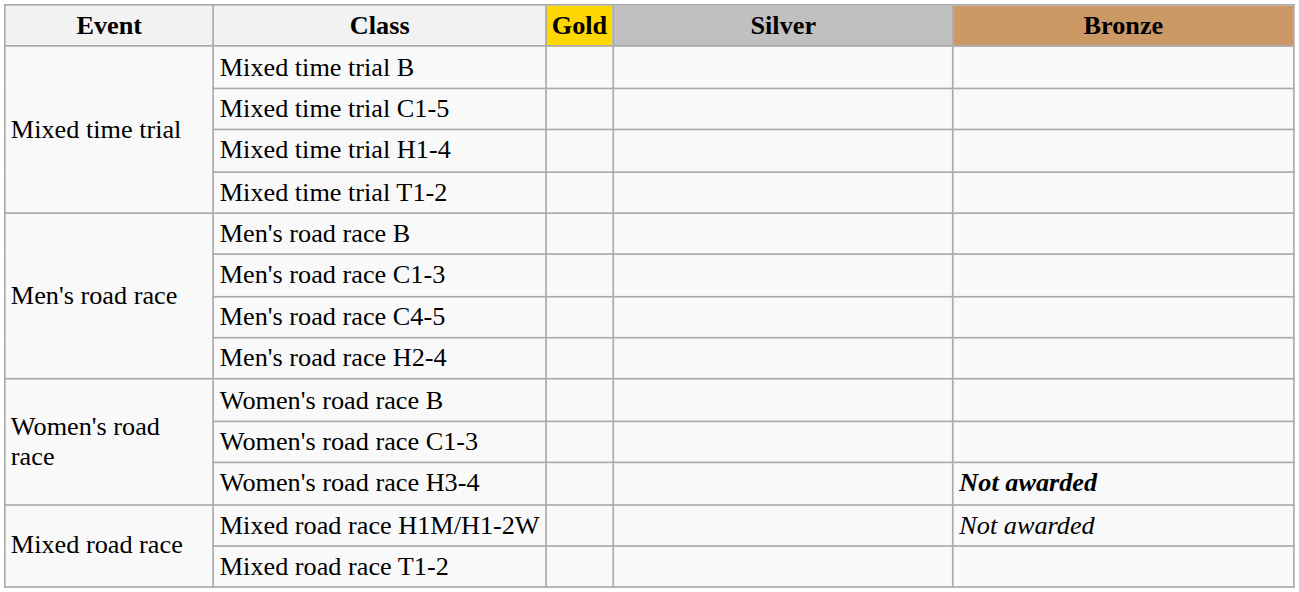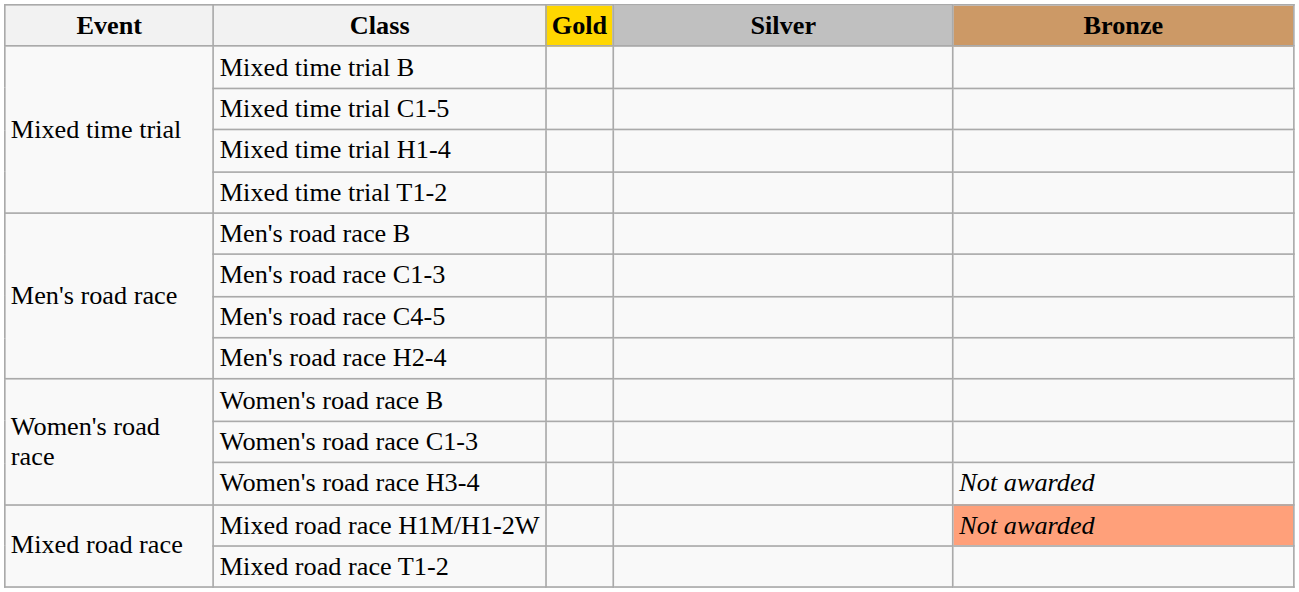 <table class=wikitable>
 <tr>
 <th width=120>Event</th>
 <th>Class</th>
 <th style="background:gold;">Gold</th>
 <th width=200 style="background:silver;">Silver</th>
 <th width=200 style="background:#CC9966;">Bronze</th>
 </tr>
 <tr>
 <td rowspan=4>Mixed time trial<br></td>
 <td>Mixed time trial B</td>
 <td></td>
 <td></td>
 <td></td>
 </tr>
 <tr>
 <td>Mixed time trial C1-5</td>
 <td></td>
 <td></td>
 <td></td>
 </tr>
 <tr>
 <td>Mixed time trial H1-4</td>
 <td></td>
 <td></td>
 <td></td>
 </tr>
 <tr>
 <td>Mixed time trial T1-2</td>
 <td></td>
 <td></td>
 <td></td>
 </tr>
 <tr>
 <td rowspan=4>Men's road race<br></td>
 <td>Men's road race B</td>
 <td></td>
 <td></td>
 <td></td>
 </tr>
 <tr>
 <td>Men's road race C1-3</td>
 <td></td>
 <td></td>
 <td></td>
 </tr>
 <tr>
 <td>Men's road race C4-5</td>
 <td></td>
 <td></td>
 <td></td>
 </tr>
 <tr>
 <td>Men's road race H2-4</td>
 <td></td>
 <td></td>
 <td></td>
 </tr>
 <tr>
 <td rowspan=3>Women's road race<br></td>
 <td>Women's road race B</td>
 <td></td>
 <td></td>
 <td></td>
 </tr>
 <tr>
 <td>Women's road race C1-3</td>
 <td></td>
 <td></td>
 <td></td>
 </tr>
 <tr>
 <td>Women's road race H3-4</td>
 <td></td>
 <td></td>
-<td><strong><em>Not awarded</em></strong></td>
+<td><em>Not awarded</em></td>
 </tr>
 <tr>
 <td rowspan=2>Mixed road race<br></td>
 <td>Mixed road race H1M/H1-2W</td>
 <td></td>
 <td></td>
-<td><em>Not awarded</em></td>
+<td style="background: lightsalmon;"><em>Not awarded</em></td>
 </tr>
 <tr>
 <td>Mixed road race T1-2</td>
 <td></td>
 <td></td>
 <td></td>
 </tr>
 </table>
